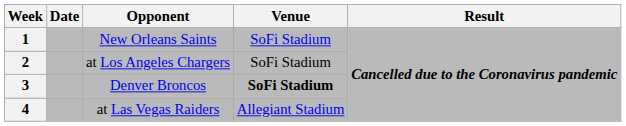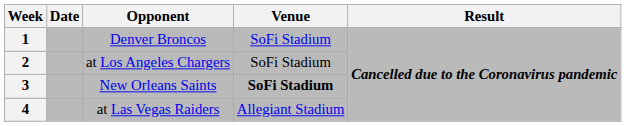 <table class="wikitable" style="text-align:center">
 <tr>
 <th>Week</th>
 <th>Date</th>
 <th>Opponent</th>
 <th>Venue</th>
 <th>Result</th>
 </tr>
 <tr style="background:#bababa">
 <th>1</th>
 <td></td>
-<td><a href='#'>New Orleans Saints</a></td>
+<td><a href='#'>Denver Broncos</a></td>
 <td><a href='#'>SoFi Stadium</a></td>
 <td rowspan=4><strong><em>Cancelled due to the Coronavirus pandemic</em></strong></td>
 </tr>
 <tr style="background:#bababa">
 <th>2</th>
 <td></td>
 <td>at <a href='#'>Los Angeles Chargers</a></td>
 <td>SoFi Stadium</td>
 </tr>
 <tr style="background:#bababa">
 <th>3</th>
 <td></td>
-<td><a href='#'>Denver Broncos</a></td>
+<td><a href='#'>New Orleans Saints</a></td>
 <td><strong>SoFi Stadium</strong></td>
 </tr>
 <tr style="background:#bababa">
 <th>4</th>
 <td></td>
 <td>at <a href='#'>Las Vegas Raiders</a></td>
 <td><a href='#'>Allegiant Stadium</a></td>
 </tr>
 </table>
